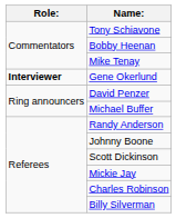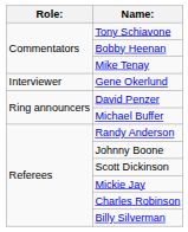 <table class=wikitable style="font-size:90%; margin: 0.5em 0 0.5em 1em; float: right; clear: right;">
 <tr>
 <th>Role:</th>
 <th>Name:</th>
 </tr>
 <tr>
 <td rowspan=3>Commentators</td>
 <td><a href='#'>Tony Schiavone</a></td>
 </tr>
 <tr>
 <td><a href='#'>Bobby Heenan</a></td>
 </tr>
 <tr>
 <td><a href='#'>Mike Tenay</a></td>
 </tr>
 <tr>
-<td><strong>Interviewer</strong></td>
+<td>Interviewer</td>
 <td><a href='#'>Gene Okerlund</a></td>
 </tr>
 <tr>
 <td rowspan=2>Ring announcers</td>
 <td><a href='#'>David Penzer</a></td>
 </tr>
 <tr>
 <td><a href='#'>Michael Buffer</a></td>
 </tr>
 <tr>
 <td rowspan=6>Referees</td>
 <td><a href='#'>Randy Anderson</a></td>
 </tr>
 <tr>
 <td>Johnny Boone</td>
 </tr>
 <tr>
 <td>Scott Dickinson</td>
 </tr>
 <tr>
 <td><a href='#'>Mickie Jay</a></td>
 </tr>
 <tr>
 <td><a href='#'>Charles Robinson</a></td>
 </tr>
 <tr>
 <td><a href='#'>Billy Silverman</a></td>
 </tr>
 </table>
